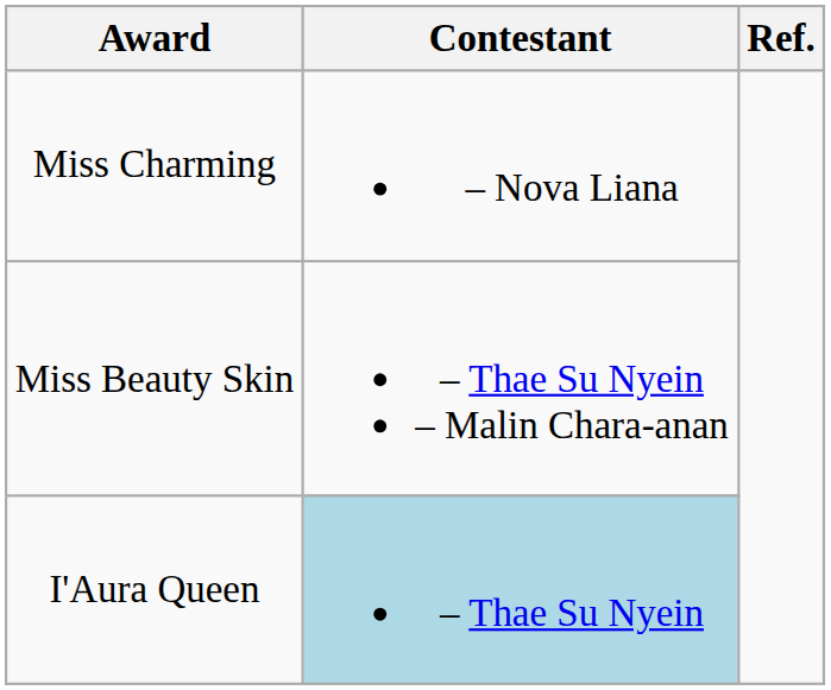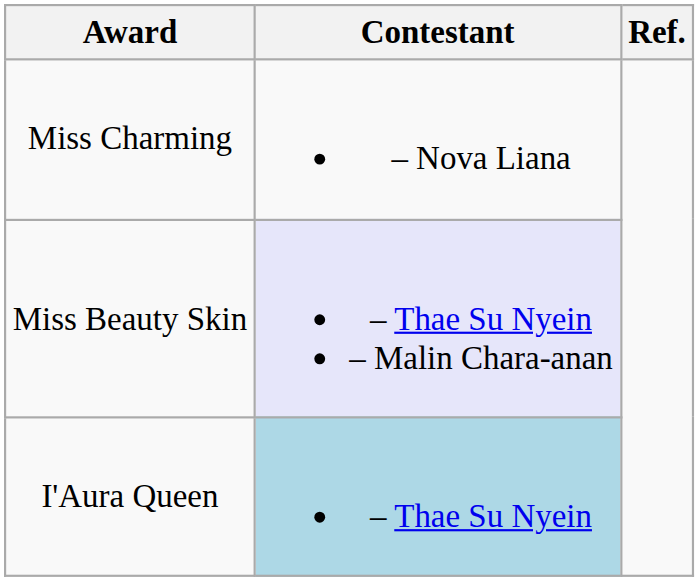 <table class="wikitable" style="font-size: 95%; text-align:center">
 <tr>
 <th>Award</th>
 <th>Contestant</th>
 <th>Ref.</th>
 </tr>
 <tr>
 <td>Miss Charming</td>
 <td><br><ul><li> – Nova Liana</li></ul></td>
 <td rowspan="3"></td>
 </tr>
 <tr>
 <td>Miss Beauty Skin</td>
-<td><br><ul><li> – <a href='#'>Thae Su Nyein</a></li><li> – Malin Chara-anan</li></ul></td>
+<td style="background: lavender;"><br><ul><li> – <a href='#'>Thae Su Nyein</a></li><li> – Malin Chara-anan</li></ul></td>
 </tr>
 <tr>
 <td>I'Aura Queen</td>
 <td style="background: lightblue;"><br><ul><li> – <a href='#'>Thae Su Nyein</a></li></ul></td>
 </tr>
 </table>
